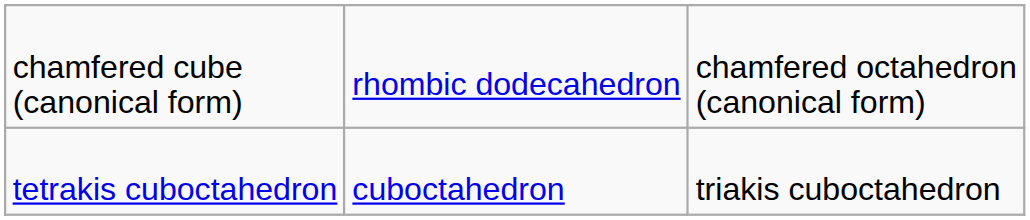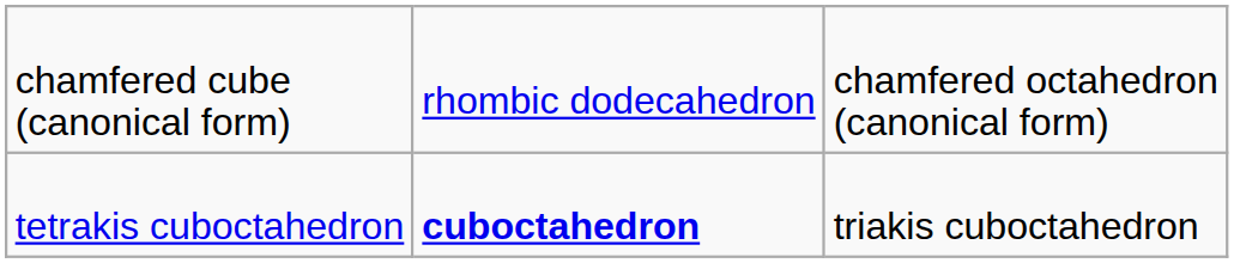 <table class="wikitable center" style="font-size:90%;">
 <tr>
 <td><br>chamfered cube<br>(canonical form)</td>
 <td><br><a href='#'>rhombic dodecahedron</a></td>
 <td><br>chamfered octahedron<br>(canonical form)</td>
 </tr>
 <tr>
 <td><br><a href='#'>tetrakis cuboctahedron</a></td>
-<td><br><a href='#'>cuboctahedron</a></td>
+<td><strong><br><a href='#'>cuboctahedron</a></strong></td>
 <td><br>triakis cuboctahedron</td>
 </tr>
 </table>
